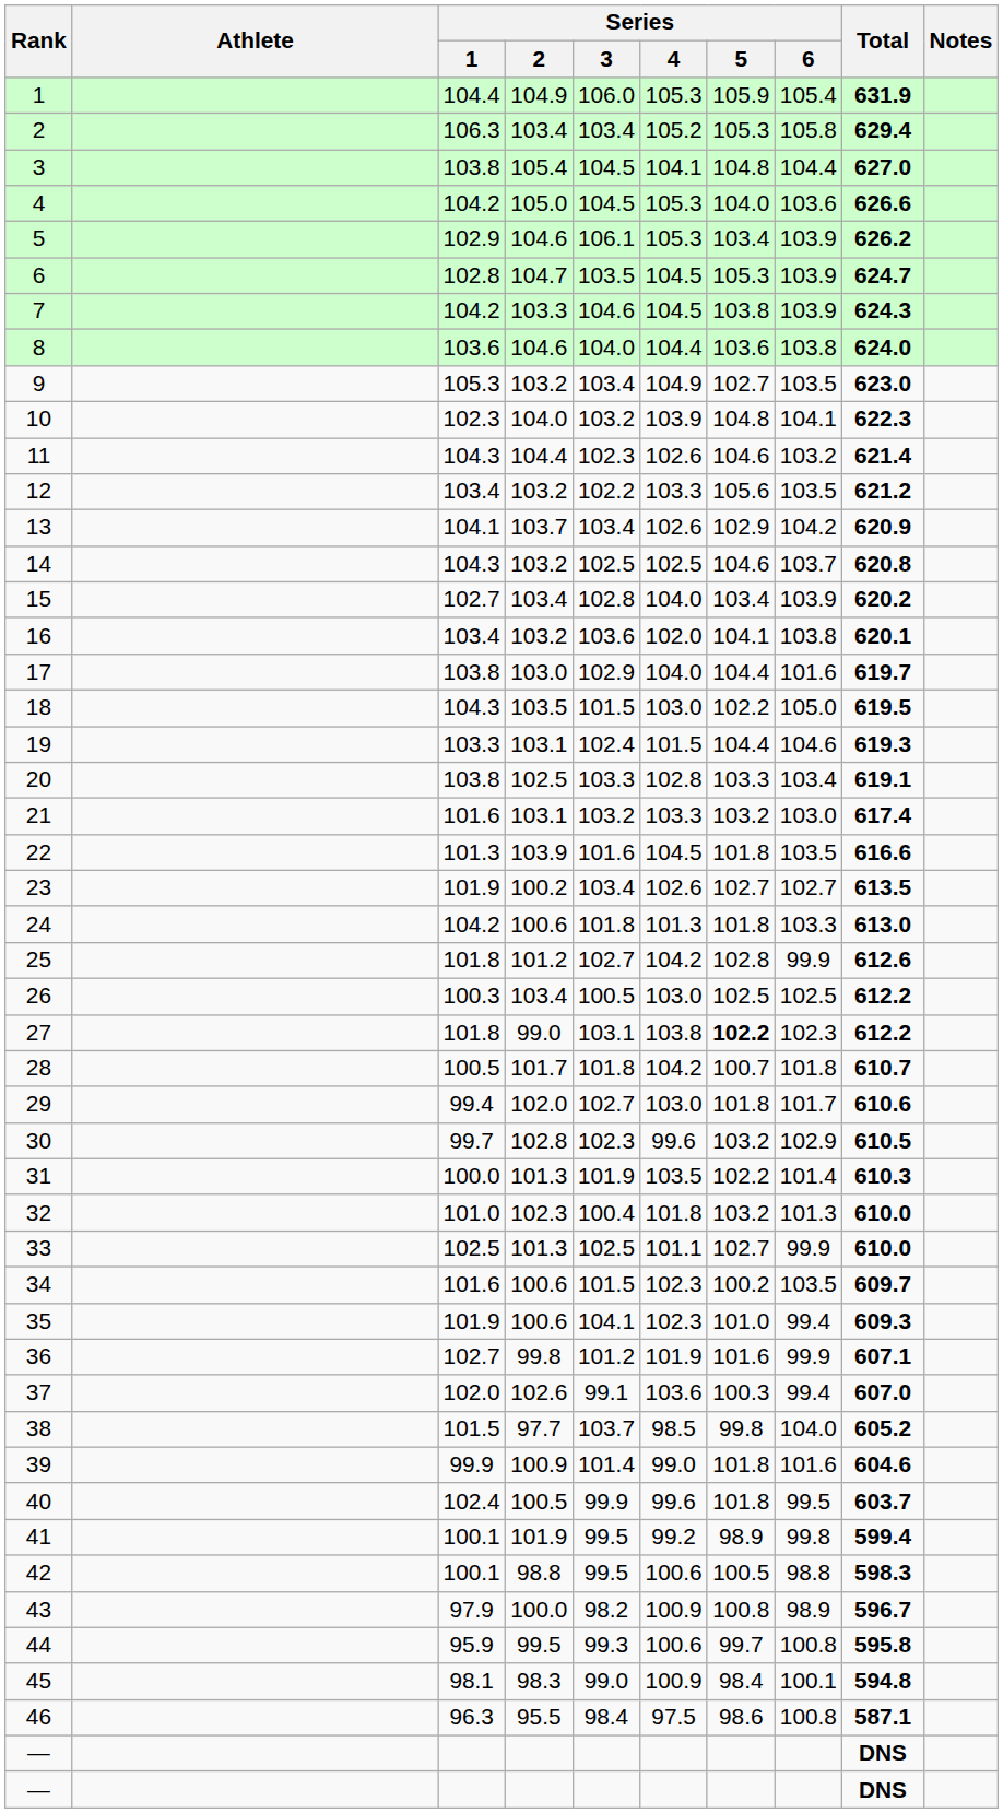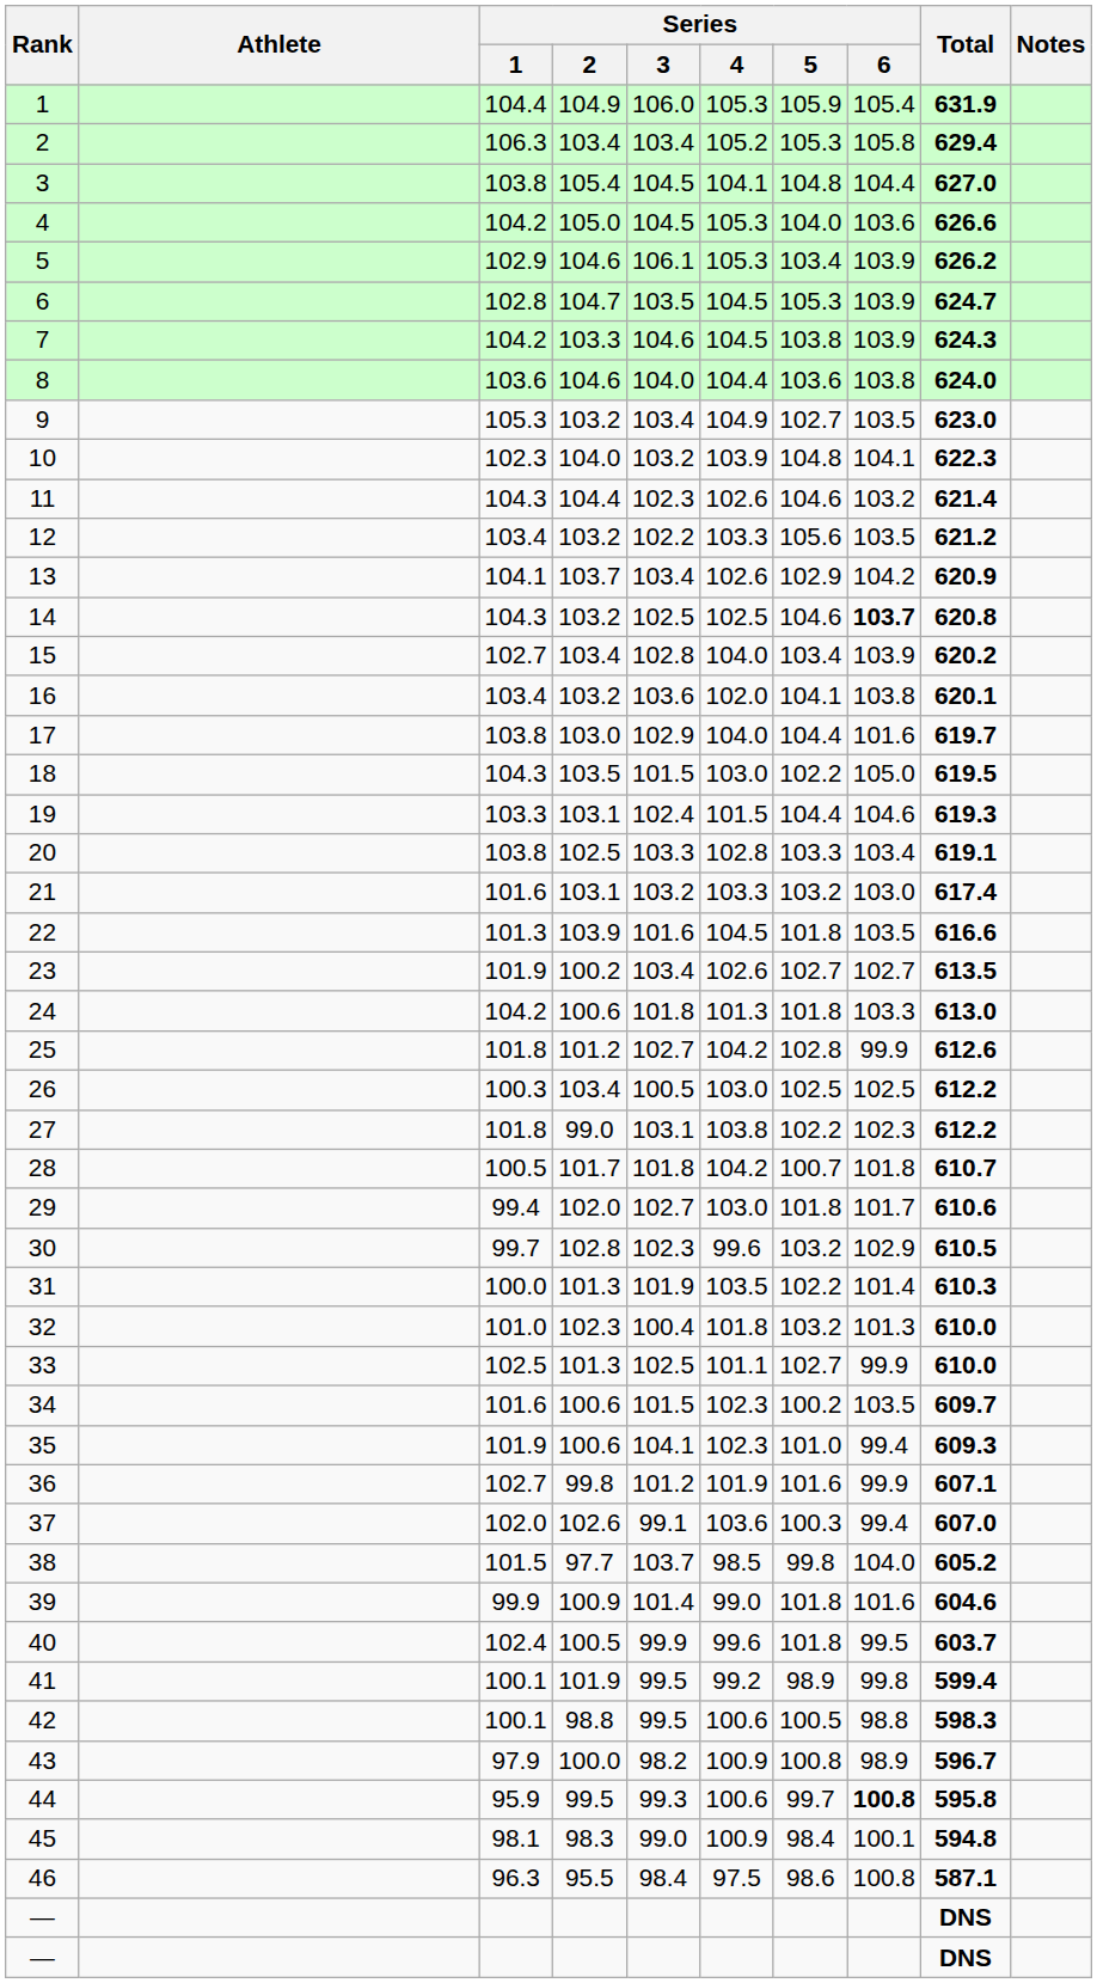 <table class="wikitable" style="text-align:center">
 <tr>
 <th rowspan=2 width=40>Rank</th>
 <th rowspan=2 width=250>Athlete</th>
 <th colspan=6>Series</th>
 <th rowspan=2 width=50>Total</th>
 <th rowspan=2 width=45>Notes</th>
 </tr>
 <tr>
 <th width=40>1</th>
 <th width=40>2</th>
 <th width=40>3</th>
 <th width=40>4</th>
 <th width=40>5</th>
 <th width=40>6</th>
 </tr>
 <tr bgcolor=ccffcc>
 <td>1</td>
 <td align=left></td>
 <td>104.4</td>
 <td>104.9</td>
 <td>106.0</td>
 <td>105.3</td>
 <td>105.9</td>
 <td>105.4</td>
 <td><strong>631.9</strong></td>
 <td></td>
 </tr>
 <tr bgcolor=ccffcc>
 <td>2</td>
 <td align=left></td>
 <td>106.3</td>
 <td>103.4</td>
 <td>103.4</td>
 <td>105.2</td>
 <td>105.3</td>
 <td>105.8</td>
 <td><strong>629.4</strong></td>
 <td></td>
 </tr>
 <tr bgcolor=ccffcc>
 <td>3</td>
 <td align=left></td>
 <td>103.8</td>
 <td>105.4</td>
 <td>104.5</td>
 <td>104.1</td>
 <td>104.8</td>
 <td>104.4</td>
 <td><strong>627.0</strong></td>
 <td></td>
 </tr>
 <tr bgcolor=ccffcc>
 <td>4</td>
 <td align=left></td>
 <td>104.2</td>
 <td>105.0</td>
 <td>104.5</td>
 <td>105.3</td>
 <td>104.0</td>
 <td>103.6</td>
 <td><strong>626.6</strong></td>
 <td></td>
 </tr>
 <tr bgcolor=ccffcc>
 <td>5</td>
 <td align=left></td>
 <td>102.9</td>
 <td>104.6</td>
 <td>106.1</td>
 <td>105.3</td>
 <td>103.4</td>
 <td>103.9</td>
 <td><strong>626.2</strong></td>
 <td></td>
 </tr>
 <tr bgcolor=ccffcc>
 <td>6</td>
 <td align=left></td>
 <td>102.8</td>
 <td>104.7</td>
 <td>103.5</td>
 <td>104.5</td>
 <td>105.3</td>
 <td>103.9</td>
 <td><strong>624.7</strong></td>
 <td></td>
 </tr>
 <tr bgcolor=ccffcc>
 <td>7</td>
 <td align=left></td>
 <td>104.2</td>
 <td>103.3</td>
 <td>104.6</td>
 <td>104.5</td>
 <td>103.8</td>
 <td>103.9</td>
 <td><strong>624.3</strong></td>
 <td></td>
 </tr>
 <tr bgcolor=ccffcc>
 <td>8</td>
 <td align=left></td>
 <td>103.6</td>
 <td>104.6</td>
 <td>104.0</td>
 <td>104.4</td>
 <td>103.6</td>
 <td>103.8</td>
 <td><strong>624.0</strong></td>
 <td></td>
 </tr>
 <tr>
 <td>9</td>
 <td align=left></td>
 <td>105.3</td>
 <td>103.2</td>
 <td>103.4</td>
 <td>104.9</td>
 <td>102.7</td>
 <td>103.5</td>
 <td><strong>623.0</strong></td>
 <td></td>
 </tr>
 <tr>
 <td>10</td>
 <td align=left></td>
 <td>102.3</td>
 <td>104.0</td>
 <td>103.2</td>
 <td>103.9</td>
 <td>104.8</td>
 <td>104.1</td>
 <td><strong>622.3</strong></td>
 <td></td>
 </tr>
 <tr>
 <td>11</td>
 <td align=left></td>
 <td>104.3</td>
 <td>104.4</td>
 <td>102.3</td>
 <td>102.6</td>
 <td>104.6</td>
 <td>103.2</td>
 <td><strong>621.4</strong></td>
 <td></td>
 </tr>
 <tr>
 <td>12</td>
 <td align=left></td>
 <td>103.4</td>
 <td>103.2</td>
 <td>102.2</td>
 <td>103.3</td>
 <td>105.6</td>
 <td>103.5</td>
 <td><strong>621.2</strong></td>
 <td></td>
 </tr>
 <tr>
 <td>13</td>
 <td align=left></td>
 <td>104.1</td>
 <td>103.7</td>
 <td>103.4</td>
 <td>102.6</td>
 <td>102.9</td>
 <td>104.2</td>
 <td><strong>620.9</strong></td>
 <td></td>
 </tr>
 <tr>
 <td>14</td>
 <td align=left></td>
 <td>104.3</td>
 <td>103.2</td>
 <td>102.5</td>
 <td>102.5</td>
 <td>104.6</td>
-<td>103.7</td>
+<td><strong>103.7</strong></td>
 <td><strong>620.8</strong></td>
 <td></td>
 </tr>
 <tr>
 <td>15</td>
 <td align=left></td>
 <td>102.7</td>
 <td>103.4</td>
 <td>102.8</td>
 <td>104.0</td>
 <td>103.4</td>
 <td>103.9</td>
 <td><strong>620.2</strong></td>
 <td></td>
 </tr>
 <tr>
 <td>16</td>
 <td align=left></td>
 <td>103.4</td>
 <td>103.2</td>
 <td>103.6</td>
 <td>102.0</td>
 <td>104.1</td>
 <td>103.8</td>
 <td><strong>620.1</strong></td>
 <td></td>
 </tr>
 <tr>
 <td>17</td>
 <td align=left></td>
 <td>103.8</td>
 <td>103.0</td>
 <td>102.9</td>
 <td>104.0</td>
 <td>104.4</td>
 <td>101.6</td>
 <td><strong>619.7</strong></td>
 <td></td>
 </tr>
 <tr>
 <td>18</td>
 <td align=left></td>
 <td>104.3</td>
 <td>103.5</td>
 <td>101.5</td>
 <td>103.0</td>
 <td>102.2</td>
 <td>105.0</td>
 <td><strong>619.5</strong></td>
 <td></td>
 </tr>
 <tr>
 <td>19</td>
 <td align=left></td>
 <td>103.3</td>
 <td>103.1</td>
 <td>102.4</td>
 <td>101.5</td>
 <td>104.4</td>
 <td>104.6</td>
 <td><strong>619.3</strong></td>
 <td></td>
 </tr>
 <tr>
 <td>20</td>
 <td align=left></td>
 <td>103.8</td>
 <td>102.5</td>
 <td>103.3</td>
 <td>102.8</td>
 <td>103.3</td>
 <td>103.4</td>
 <td><strong>619.1</strong></td>
 <td></td>
 </tr>
 <tr>
 <td>21</td>
 <td align=left></td>
 <td>101.6</td>
 <td>103.1</td>
 <td>103.2</td>
 <td>103.3</td>
 <td>103.2</td>
 <td>103.0</td>
 <td><strong>617.4</strong></td>
 <td></td>
 </tr>
 <tr>
 <td>22</td>
 <td align=left></td>
 <td>101.3</td>
 <td>103.9</td>
 <td>101.6</td>
 <td>104.5</td>
 <td>101.8</td>
 <td>103.5</td>
 <td><strong>616.6</strong></td>
 <td></td>
 </tr>
 <tr>
 <td>23</td>
 <td align=left></td>
 <td>101.9</td>
 <td>100.2</td>
 <td>103.4</td>
 <td>102.6</td>
 <td>102.7</td>
 <td>102.7</td>
 <td><strong>613.5</strong></td>
 <td></td>
 </tr>
 <tr>
 <td>24</td>
 <td align=left></td>
 <td>104.2</td>
 <td>100.6</td>
 <td>101.8</td>
 <td>101.3</td>
 <td>101.8</td>
 <td>103.3</td>
 <td><strong>613.0</strong></td>
 <td></td>
 </tr>
 <tr>
 <td>25</td>
 <td align=left></td>
 <td>101.8</td>
 <td>101.2</td>
 <td>102.7</td>
 <td>104.2</td>
 <td>102.8</td>
 <td>99.9</td>
 <td><strong>612.6</strong></td>
 <td></td>
 </tr>
 <tr>
 <td>26</td>
 <td align=left></td>
 <td>100.3</td>
 <td>103.4</td>
 <td>100.5</td>
 <td>103.0</td>
 <td>102.5</td>
 <td>102.5</td>
 <td><strong>612.2</strong></td>
 <td></td>
 </tr>
 <tr>
 <td>27</td>
 <td align=left></td>
 <td>101.8</td>
 <td>99.0</td>
 <td>103.1</td>
 <td>103.8</td>
-<td><strong>102.2</strong></td>
+<td>102.2</td>
 <td>102.3</td>
 <td><strong>612.2</strong></td>
 <td></td>
 </tr>
 <tr>
 <td>28</td>
 <td align=left></td>
 <td>100.5</td>
 <td>101.7</td>
 <td>101.8</td>
 <td>104.2</td>
 <td>100.7</td>
 <td>101.8</td>
 <td><strong>610.7</strong></td>
 <td></td>
 </tr>
 <tr>
 <td>29</td>
 <td align=left></td>
 <td>99.4</td>
 <td>102.0</td>
 <td>102.7</td>
 <td>103.0</td>
 <td>101.8</td>
 <td>101.7</td>
 <td><strong>610.6</strong></td>
 <td></td>
 </tr>
 <tr>
 <td>30</td>
 <td align=left></td>
 <td>99.7</td>
 <td>102.8</td>
 <td>102.3</td>
 <td>99.6</td>
 <td>103.2</td>
 <td>102.9</td>
 <td><strong>610.5</strong></td>
 <td></td>
 </tr>
 <tr>
 <td>31</td>
 <td align=left></td>
 <td>100.0</td>
 <td>101.3</td>
 <td>101.9</td>
 <td>103.5</td>
 <td>102.2</td>
 <td>101.4</td>
 <td><strong>610.3</strong></td>
 <td></td>
 </tr>
 <tr>
 <td>32</td>
 <td align=left></td>
 <td>101.0</td>
 <td>102.3</td>
 <td>100.4</td>
 <td>101.8</td>
 <td>103.2</td>
 <td>101.3</td>
 <td><strong>610.0</strong></td>
 <td></td>
 </tr>
 <tr>
 <td>33</td>
 <td align=left></td>
 <td>102.5</td>
 <td>101.3</td>
 <td>102.5</td>
 <td>101.1</td>
 <td>102.7</td>
 <td>99.9</td>
 <td><strong>610.0</strong></td>
 <td></td>
 </tr>
 <tr>
 <td>34</td>
 <td align=left></td>
 <td>101.6</td>
 <td>100.6</td>
 <td>101.5</td>
 <td>102.3</td>
 <td>100.2</td>
 <td>103.5</td>
 <td><strong>609.7</strong></td>
 <td></td>
 </tr>
 <tr>
 <td>35</td>
 <td align=left></td>
 <td>101.9</td>
 <td>100.6</td>
 <td>104.1</td>
 <td>102.3</td>
 <td>101.0</td>
 <td>99.4</td>
 <td><strong>609.3</strong></td>
 <td></td>
 </tr>
 <tr>
 <td>36</td>
 <td align=left></td>
 <td>102.7</td>
 <td>99.8</td>
 <td>101.2</td>
 <td>101.9</td>
 <td>101.6</td>
 <td>99.9</td>
 <td><strong>607.1</strong></td>
 <td></td>
 </tr>
 <tr>
 <td>37</td>
 <td align=left></td>
 <td>102.0</td>
 <td>102.6</td>
 <td>99.1</td>
 <td>103.6</td>
 <td>100.3</td>
 <td>99.4</td>
 <td><strong>607.0</strong></td>
 <td></td>
 </tr>
 <tr>
 <td>38</td>
 <td align=left></td>
 <td>101.5</td>
 <td>97.7</td>
 <td>103.7</td>
 <td>98.5</td>
 <td>99.8</td>
 <td>104.0</td>
 <td><strong>605.2</strong></td>
 <td></td>
 </tr>
 <tr>
 <td>39</td>
 <td align=left></td>
 <td>99.9</td>
 <td>100.9</td>
 <td>101.4</td>
 <td>99.0</td>
 <td>101.8</td>
 <td>101.6</td>
 <td><strong>604.6</strong></td>
 <td></td>
 </tr>
 <tr>
 <td>40</td>
 <td align=left></td>
 <td>102.4</td>
 <td>100.5</td>
 <td>99.9</td>
 <td>99.6</td>
 <td>101.8</td>
 <td>99.5</td>
 <td><strong>603.7</strong></td>
 <td></td>
 </tr>
 <tr>
 <td>41</td>
 <td align=left></td>
 <td>100.1</td>
 <td>101.9</td>
 <td>99.5</td>
 <td>99.2</td>
 <td>98.9</td>
 <td>99.8</td>
 <td><strong>599.4</strong></td>
 <td></td>
 </tr>
 <tr>
 <td>42</td>
 <td align=left></td>
 <td>100.1</td>
 <td>98.8</td>
 <td>99.5</td>
 <td>100.6</td>
 <td>100.5</td>
 <td>98.8</td>
 <td><strong>598.3</strong></td>
 <td></td>
 </tr>
 <tr>
 <td>43</td>
 <td align=left></td>
 <td>97.9</td>
 <td>100.0</td>
 <td>98.2</td>
 <td>100.9</td>
 <td>100.8</td>
 <td>98.9</td>
 <td><strong>596.7</strong></td>
 <td></td>
 </tr>
 <tr>
 <td>44</td>
 <td align=left></td>
 <td>95.9</td>
 <td>99.5</td>
 <td>99.3</td>
 <td>100.6</td>
 <td>99.7</td>
-<td>100.8</td>
+<td><strong>100.8</strong></td>
 <td><strong>595.8</strong></td>
 <td></td>
 </tr>
 <tr>
 <td>45</td>
 <td align=left></td>
 <td>98.1</td>
 <td>98.3</td>
 <td>99.0</td>
 <td>100.9</td>
 <td>98.4</td>
 <td>100.1</td>
 <td><strong>594.8</strong></td>
 <td></td>
 </tr>
 <tr>
 <td>46</td>
 <td align=left></td>
 <td>96.3</td>
 <td>95.5</td>
 <td>98.4</td>
 <td>97.5</td>
 <td>98.6</td>
 <td>100.8</td>
 <td><strong>587.1</strong></td>
 <td></td>
 </tr>
 <tr>
 <td>—</td>
 <td align=left></td>
 <td></td>
 <td></td>
 <td></td>
 <td></td>
 <td></td>
 <td></td>
 <td><strong>DNS</strong></td>
 <td></td>
 </tr>
 <tr>
 <td>—</td>
 <td align=left></td>
 <td></td>
 <td></td>
 <td></td>
 <td></td>
 <td></td>
 <td></td>
 <td><strong>DNS</strong></td>
 <td></td>
 </tr>
 </table>
